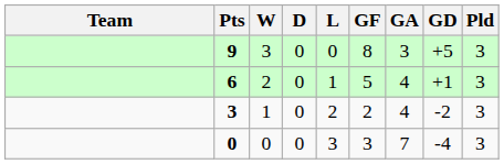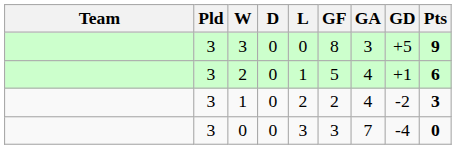 <table class="wikitable" style="text-align:center;">
 <tr>
 <th width=165>Team</th>
-<th width=20>Pts</th>
+<th width=20>Pld</th>
 <th width=20>W</th>
 <th width=20>D</th>
 <th width=20>L</th>
 <th width=20>GF</th>
 <th width=20>GA</th>
 <th width=20>GD</th>
-<th width=20>Pld</th>
+<th width=20>Pts</th>
 </tr>
 <tr align=center style="background:#ccffcc;">
 <td style="text-align:left;"></td>
-<td><strong>9</strong></td>
+<td>3</td>
 <td>3</td>
 <td>0</td>
 <td>0</td>
 <td>8</td>
 <td>3</td>
 <td>+5</td>
-<td>3</td>
+<td><strong>9</strong></td>
 </tr>
 <tr align=center style="background:#ccffcc;">
 <td style="text-align:left;"></td>
-<td><strong>6</strong></td>
+<td>3</td>
 <td>2</td>
 <td>0</td>
 <td>1</td>
 <td>5</td>
 <td>4</td>
 <td>+1</td>
-<td>3</td>
+<td><strong>6</strong></td>
 </tr>
 <tr align=center style="background:">
 <td style="text-align:left;"></td>
-<td><strong>3</strong></td>
+<td>3</td>
 <td>1</td>
 <td>0</td>
 <td>2</td>
 <td>2</td>
 <td>4</td>
 <td>-2</td>
-<td>3</td>
+<td><strong>3</strong></td>
 </tr>
 <tr align=center style="background:">
 <td style="text-align:left;"></td>
-<td><strong>0</strong></td>
+<td>3</td>
 <td>0</td>
 <td>0</td>
 <td>3</td>
 <td>3</td>
 <td>7</td>
 <td>-4</td>
-<td>3</td>
+<td><strong>0</strong></td>
 </tr>
 </table>
